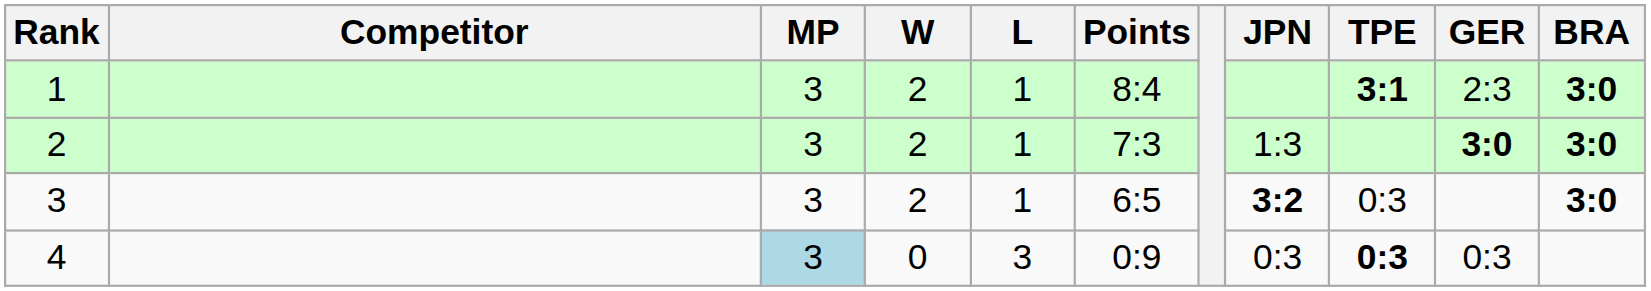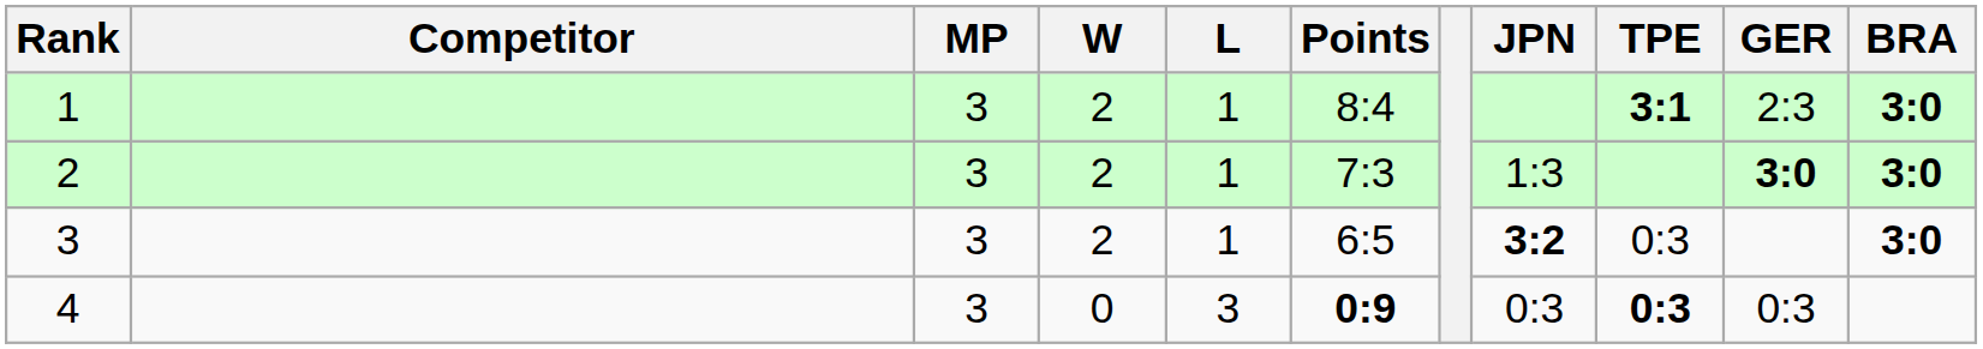 <table class="wikitable" style="text-align:center">
 <tr>
 <th>Rank</th>
 <th style="width:18em">Competitor</th>
 <th style="width:2.5em">MP</th>
 <th style="width:2.5em">W</th>
 <th style="width:2.5em">L</th>
 <th>Points</th>
 <th rowspan="5"> </th>
 <th style="width:2.5em">JPN</th>
 <th style="width:2.5em">TPE</th>
 <th style="width:2.5em">GER</th>
 <th style="width:2.5em">BRA</th>
 </tr>
 <tr style="background:#cfc;">
 <td>1</td>
 <td style="text-align:left"></td>
 <td>3</td>
 <td>2</td>
 <td>1</td>
 <td>8:4</td>
 <td></td>
 <td><strong>3:1</strong></td>
 <td>2:3</td>
 <td><strong>3:0</strong></td>
 </tr>
 <tr style="background:#cfc;">
 <td>2</td>
 <td style="text-align:left"></td>
 <td>3</td>
 <td>2</td>
 <td>1</td>
 <td>7:3</td>
 <td>1:3</td>
 <td></td>
 <td><strong>3:0</strong></td>
 <td><strong>3:0</strong></td>
 </tr>
 <tr>
 <td>3</td>
 <td style="text-align:left"></td>
 <td>3</td>
 <td>2</td>
 <td>1</td>
 <td>6:5</td>
 <td><strong>3:2</strong></td>
 <td>0:3</td>
 <td></td>
 <td><strong>3:0</strong></td>
 </tr>
 <tr>
 <td>4</td>
 <td style="text-align:left"></td>
-<td style="background: lightblue;">3</td>
+<td>3</td>
 <td>0</td>
 <td>3</td>
-<td>0:9</td>
+<td><strong>0:9</strong></td>
 <td>0:3</td>
 <td><strong>0:3</strong></td>
 <td>0:3</td>
 <td></td>
 </tr>
 </table>
